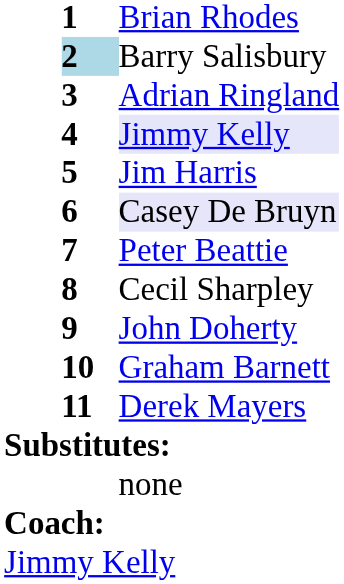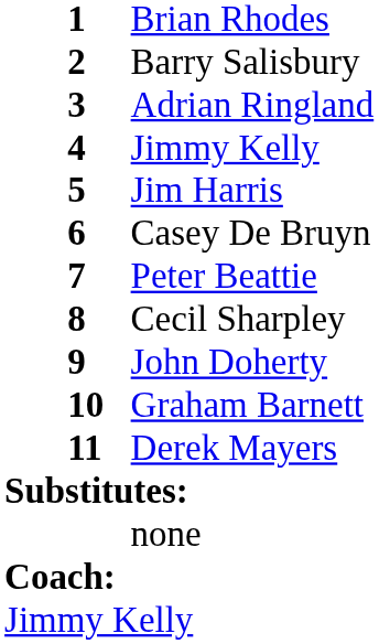 <table cellspacing="0" cellpadding="0" style="font-size:90%;margin:auto">
 <tr>
 <th width=25></th>
 <th width=25></th>
 </tr>
 <tr>
 <td></td>
 <td><strong>1</strong></td>
 <td> <a href='#'>Brian Rhodes</a></td>
 </tr>
 <tr>
 <td></td>
-<td style="background: lightblue;"><strong>2</strong></td>
+<td><strong>2</strong></td>
 <td> Barry Salisbury</td>
 </tr>
 <tr>
 <td></td>
 <td><strong>3</strong></td>
 <td> <a href='#'>Adrian Ringland</a></td>
 </tr>
 <tr>
 <td></td>
 <td><strong>4</strong></td>
-<td style="background: lavender;"> <a href='#'>Jimmy Kelly</a></td>
+<td> <a href='#'>Jimmy Kelly</a></td>
 </tr>
 <tr>
 <td></td>
 <td><strong>5</strong></td>
 <td> <a href='#'>Jim Harris</a></td>
 </tr>
 <tr>
 <td></td>
 <td><strong>6</strong></td>
-<td style="background: lavender;"> Casey De Bruyn</td>
+<td> Casey De Bruyn</td>
 </tr>
 <tr>
 <td></td>
 <td><strong>7</strong></td>
 <td> <a href='#'>Peter Beattie</a></td>
 </tr>
 <tr>
 <td></td>
 <td><strong>8</strong></td>
 <td> Cecil Sharpley</td>
 </tr>
 <tr>
 <td></td>
 <td><strong>9</strong></td>
 <td> <a href='#'>John Doherty</a></td>
 </tr>
 <tr>
 <td></td>
 <td><strong>10</strong></td>
 <td> <a href='#'>Graham Barnett</a></td>
 </tr>
 <tr>
 <td></td>
 <td><strong>11</strong></td>
 <td> <a href='#'>Derek Mayers</a></td>
 </tr>
 <tr>
 <td colspan=4><strong>Substitutes:</strong></td>
 </tr>
 <tr>
 <td></td>
 <td></td>
 <td>none</td>
 </tr>
 <tr>
 <td colspan=4><strong>Coach:</strong></td>
 </tr>
 <tr>
 <td colspan=4> <a href='#'>Jimmy Kelly</a></td>
 </tr>
 </table>
